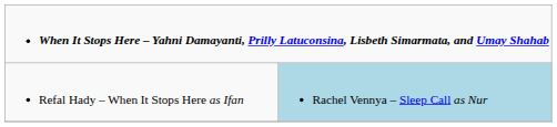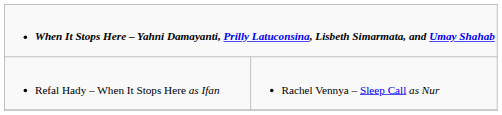 <table class="wikitable" role="presentation">
 <tr>
 <td style="vertical-align:top; width:50%;" colspan="2"><br><ul><li><strong><em>When It Stops Here<em> – Yahni Damayanti, <a href='#'>Prilly Latuconsina</a>, Lisbeth Simarmata, and <a href='#'>Umay Shahab</a><strong></li></ul></td>
 </tr>
 <tr>
 <td style="vertical-align:top; width:50%;"><br><ul><li></strong>Refal Hady – </em>When It Stops Here<em> as Ifan<strong></li></ul></td>
-<td style="background: lightblue; vertical-align:top; width:50%;"><br><ul><li></strong>Rachel Vennya – </em><a href='#'>Sleep Call</a><em> as Nur<strong></li></ul></td>
+<td style="vertical-align:top; width:50%;"><br><ul><li></strong>Rachel Vennya – </em><a href='#'>Sleep Call</a><em> as Nur<strong></li></ul></td>
 </tr>
 <tr>
 </tr>
 </table>
